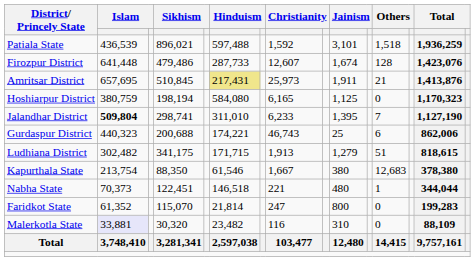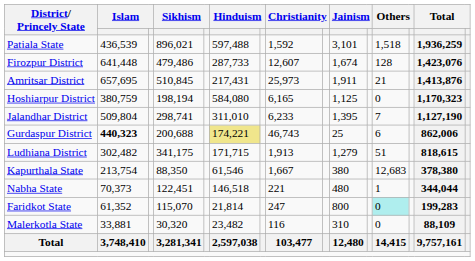 <table class="wikitable sortable mw-collapsible">
 <tr>
 <th rowspan="2"><a href='#'>District</a>/<br><a href='#'>Princely State</a></th>
 <th colspan="2"><a href='#'>Islam</a> </th>
 <th colspan="2"><a href='#'>Sikhism</a> </th>
 <th colspan="2"><a href='#'>Hinduism</a> </th>
 <th colspan="2"><a href='#'>Christianity</a> </th>
 <th colspan="2"><a href='#'>Jainism</a> </th>
 <th colspan="2">Others</th>
 <th colspan="2">Total</th>
 </tr>
 <tr>
 <th><a href='#'></a></th>
 <th></th>
 <th></th>
 <th></th>
 <th></th>
 <th></th>
 <th></th>
 <th></th>
 <th></th>
 <th></th>
 <th></th>
 <th></th>
 <th></th>
 <th></th>
 </tr>
 <tr>
 <td><a href='#'>Patiala State</a></td>
 <td>436,539</td>
 <td></td>
 <td>896,021</td>
 <td></td>
 <td>597,488</td>
 <td></td>
 <td>1,592</td>
 <td></td>
 <td>3,101</td>
 <td></td>
 <td>1,518</td>
 <td></td>
 <th>1,936,259</th>
 <th></th>
 </tr>
 <tr>
 <td><a href='#'>Firozpur District</a></td>
 <td>641,448</td>
 <td></td>
 <td>479,486</td>
 <td></td>
 <td>287,733</td>
 <td></td>
 <td>12,607</td>
 <td></td>
 <td>1,674</td>
 <td></td>
 <td>128</td>
 <td></td>
 <th>1,423,076</th>
 <th></th>
 </tr>
 <tr>
 <td><a href='#'>Amritsar District</a></td>
 <td>657,695</td>
 <td></td>
 <td>510,845</td>
 <td></td>
-<td style="background: khaki;">217,431</td>
+<td>217,431</td>
 <td></td>
 <td>25,973</td>
 <td></td>
 <td>1,911</td>
 <td></td>
 <td>21</td>
 <td></td>
 <th>1,413,876</th>
 <th></th>
 </tr>
 <tr>
 <td><a href='#'>Hoshiarpur District</a></td>
 <td>380,759</td>
 <td></td>
 <td>198,194</td>
 <td></td>
 <td>584,080</td>
 <td></td>
 <td>6,165</td>
 <td></td>
 <td>1,125</td>
 <td></td>
 <td>0</td>
 <td></td>
 <th>1,170,323</th>
 <th></th>
 </tr>
 <tr>
 <td><a href='#'>Jalandhar District</a></td>
-<td><strong>509,804</strong></td>
+<td>509,804</td>
 <td></td>
 <td>298,741</td>
 <td></td>
 <td>311,010</td>
 <td></td>
 <td>6,233</td>
 <td></td>
 <td>1,395</td>
 <td></td>
 <td>7</td>
 <td></td>
 <th>1,127,190</th>
 <th></th>
 </tr>
 <tr>
 <td><a href='#'>Gurdaspur District</a></td>
-<td>440,323</td>
+<td><strong>440,323</strong></td>
 <td></td>
 <td>200,688</td>
 <td></td>
-<td>174,221</td>
+<td style="background: khaki;">174,221</td>
 <td></td>
 <td>46,743</td>
 <td></td>
 <td>25</td>
 <td></td>
 <td>6</td>
 <td></td>
 <th>862,006</th>
 <th></th>
 </tr>
 <tr>
 <td><a href='#'>Ludhiana District</a></td>
 <td>302,482</td>
 <td></td>
 <td>341,175</td>
 <td></td>
 <td>171,715</td>
 <td></td>
 <td>1,913</td>
 <td></td>
 <td>1,279</td>
 <td></td>
 <td>51</td>
 <td></td>
 <th>818,615</th>
 <th></th>
 </tr>
 <tr>
 <td><a href='#'>Kapurthala State</a></td>
 <td>213,754</td>
 <td></td>
 <td>88,350</td>
 <td></td>
 <td>61,546</td>
 <td></td>
 <td>1,667</td>
 <td></td>
 <td>380</td>
 <td></td>
 <td>12,683</td>
 <td></td>
 <th>378,380</th>
 <th></th>
 </tr>
 <tr>
 <td><a href='#'>Nabha State</a></td>
 <td>70,373</td>
 <td></td>
 <td>122,451</td>
 <td></td>
 <td>146,518</td>
 <td></td>
 <td>221</td>
 <td></td>
 <td>480</td>
 <td></td>
 <td>1</td>
 <td></td>
 <th>344,044</th>
 <th></th>
 </tr>
 <tr>
 <td><a href='#'>Faridkot State</a></td>
 <td>61,352</td>
 <td></td>
 <td>115,070</td>
 <td></td>
 <td>21,814</td>
 <td></td>
 <td>247</td>
 <td></td>
 <td>800</td>
 <td></td>
-<td>0</td>
+<td style="background: paleturquoise;">0</td>
 <td></td>
 <th>199,283</th>
 <th></th>
 </tr>
 <tr>
 <td><a href='#'>Malerkotla State</a></td>
-<td style="background: lavender;">33,881</td>
+<td>33,881</td>
 <td></td>
 <td>30,320</td>
 <td></td>
 <td>23,482</td>
 <td></td>
 <td>116</td>
 <td></td>
 <td>310</td>
 <td></td>
 <td>0</td>
 <td></td>
 <th>88,109</th>
 <th></th>
 </tr>
 <tr>
 <th>Total</th>
 <th>3,748,410</th>
 <th></th>
 <th>3,281,341</th>
 <th></th>
 <th>2,597,038</th>
 <th></th>
 <th>103,477</th>
 <th></th>
 <th>12,480</th>
 <th></th>
 <th>14,415</th>
 <th></th>
 <th>9,757,161</th>
 <th></th>
 </tr>
 <tr class="sortbottom">
 <td colspan="15"></td>
 </tr>
 </table>
